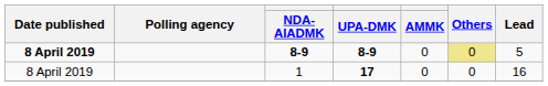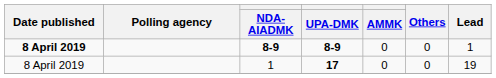 <table class="wikitable sortable" style="text-align:center;font-size:95%;line-height:16px">
 <tr>
 <th rowspan="2" width="125px">Date published</th>
 <th rowspan="2" width="175px">Polling agency</th>
 <th style="background:"></th>
 <th style="background:"></th>
 <th style="background:"></th>
 <th rowspan="2" class="unsortable" width="50px"><a href='#'>Others</a></th>
 <th rowspan="2" width="50px">Lead</th>
 </tr>
 <tr>
 <th width="75px" class="unsortable"><a href='#'>NDA-AIADMK</a></th>
 <th width="75px" class="unsortable"><a href='#'>UPA-DMK</a></th>
 <th width="50px" class="unsortable"><a href='#'>AMMK</a></th>
 </tr>
 <tr>
 <td><strong>8 April 2019</strong></td>
 <td></td>
 <td style="background:"><strong>8-9</strong></td>
 <td style="background:"><strong>8-9</strong></td>
 <td>0</td>
-<td style="background: khaki;">0</td>
-<td style="background:">5</td>
+<td>0</td>
+<td style="background:">1</td>
 </tr>
 <tr>
 <td>8 April 2019</td>
 <td></td>
 <td style="background:">1</td>
 <td style="background:"><strong>17</strong></td>
 <td>0</td>
 <td>0</td>
-<td style="background:">16</td>
+<td style="background:">19</td>
 </tr>
 <tr>
 </tr>
 </table>
